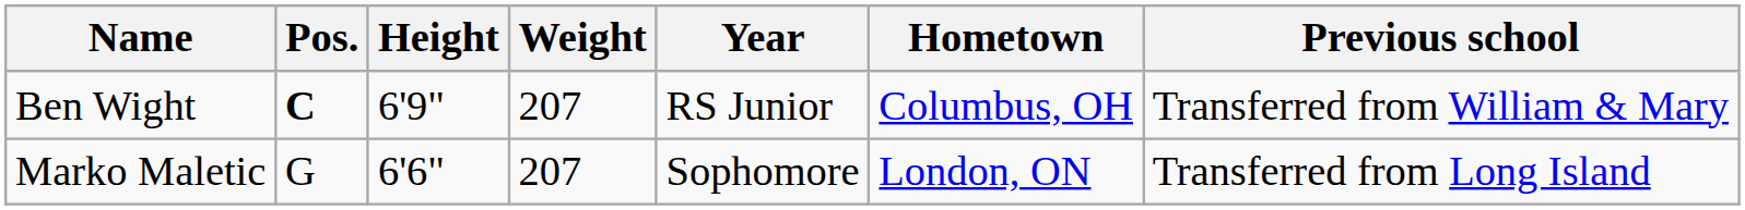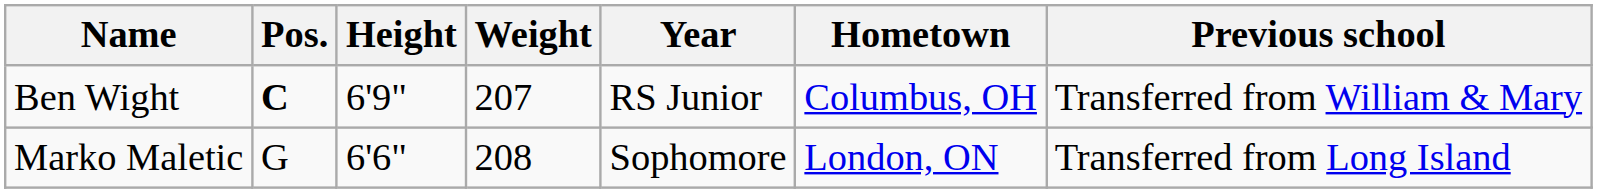 <table class="wikitable sortable" border="1">
 <tr align=center>
 <th>Name</th>
 <th>Pos.</th>
 <th>Height</th>
 <th>Weight</th>
 <th>Year</th>
 <th>Hometown</th>
 <th>Previous school</th>
 </tr>
 <tr>
 <td>Ben Wight</td>
 <td><strong>C</strong></td>
 <td>6'9"</td>
 <td>207</td>
 <td>RS Junior</td>
 <td><a href='#'>Columbus, OH</a></td>
 <td>Transferred from <a href='#'>William & Mary</a></td>
 </tr>
 <tr>
 <td>Marko Maletic</td>
 <td>G</td>
 <td>6'6"</td>
-<td>207</td>
+<td>208</td>
 <td>Sophomore</td>
 <td><a href='#'>London, ON</a></td>
 <td>Transferred from <a href='#'>Long Island</a></td>
 </tr>
 </table>
